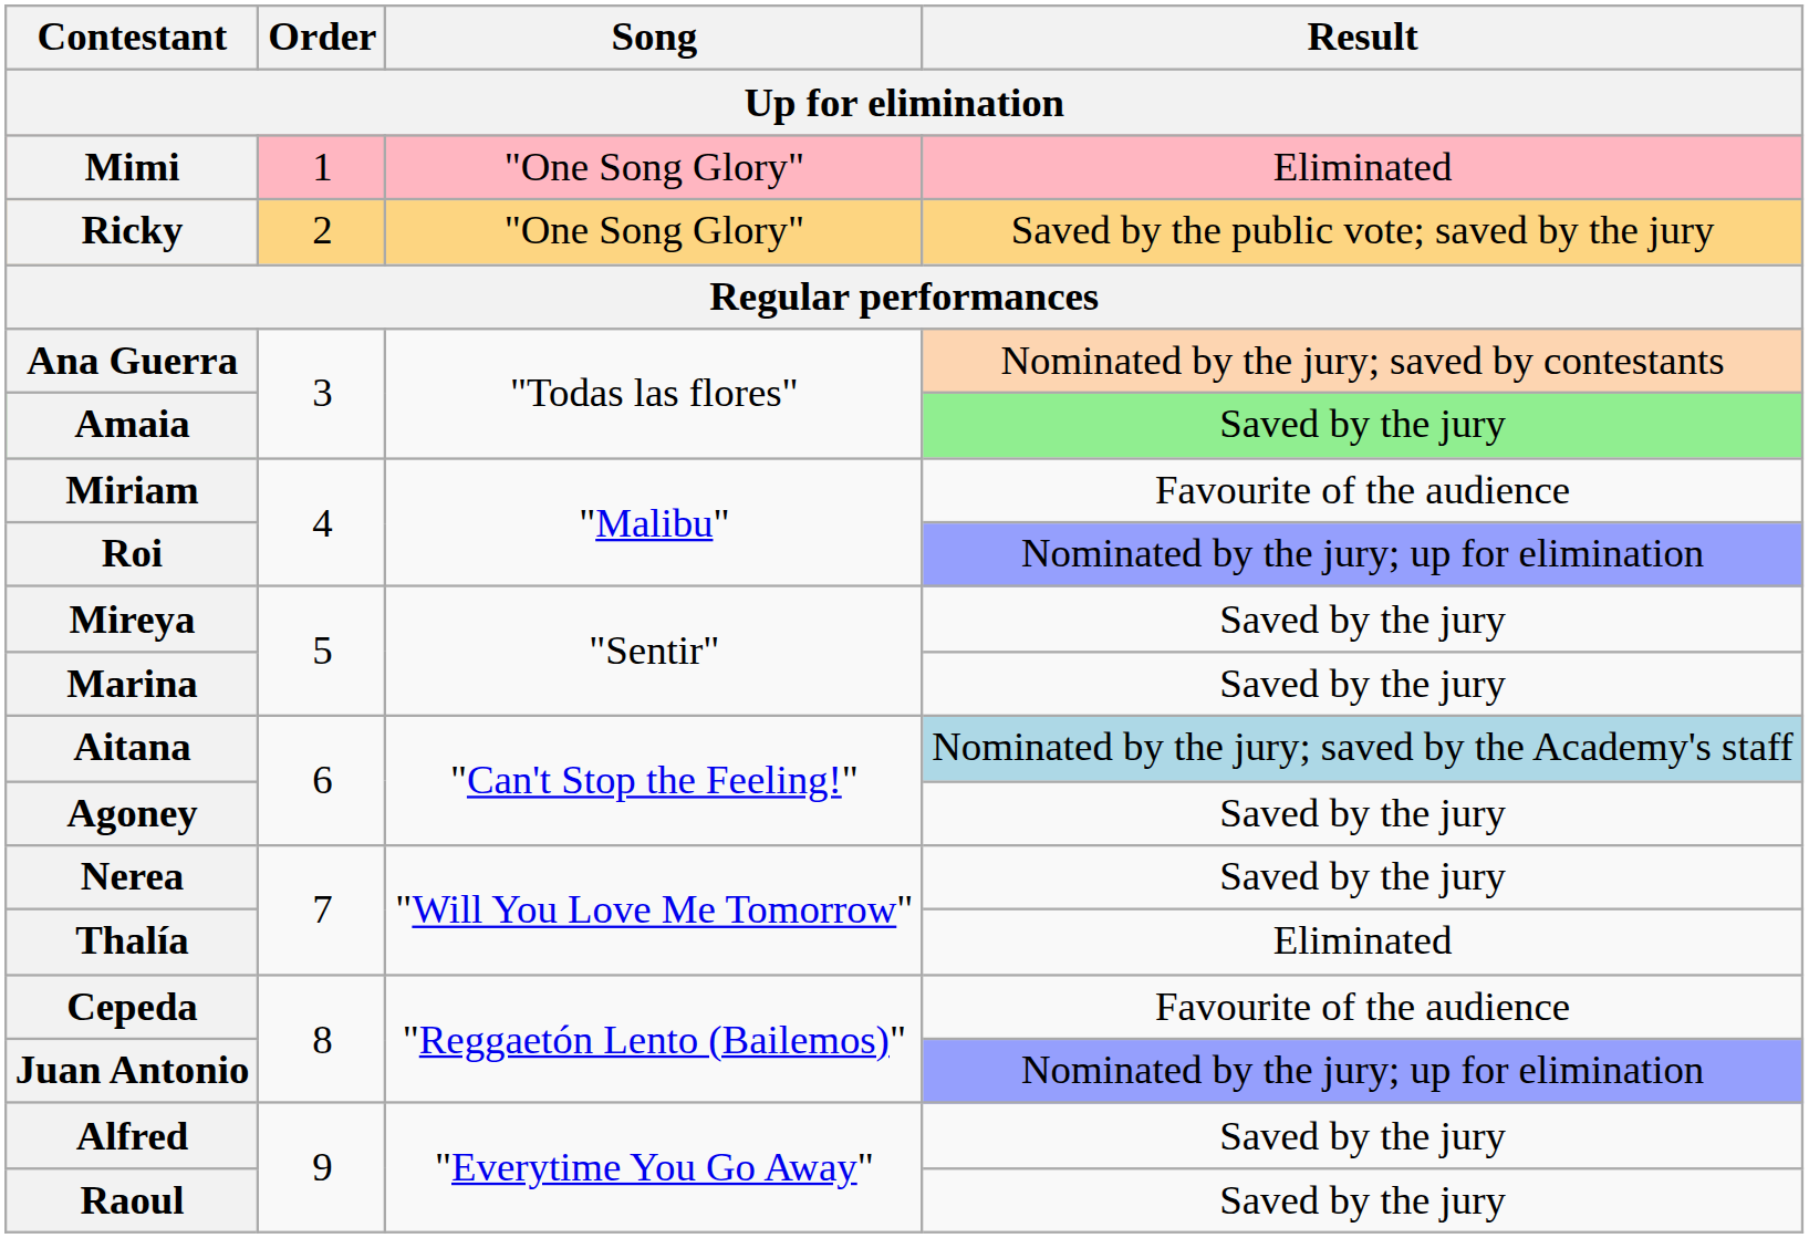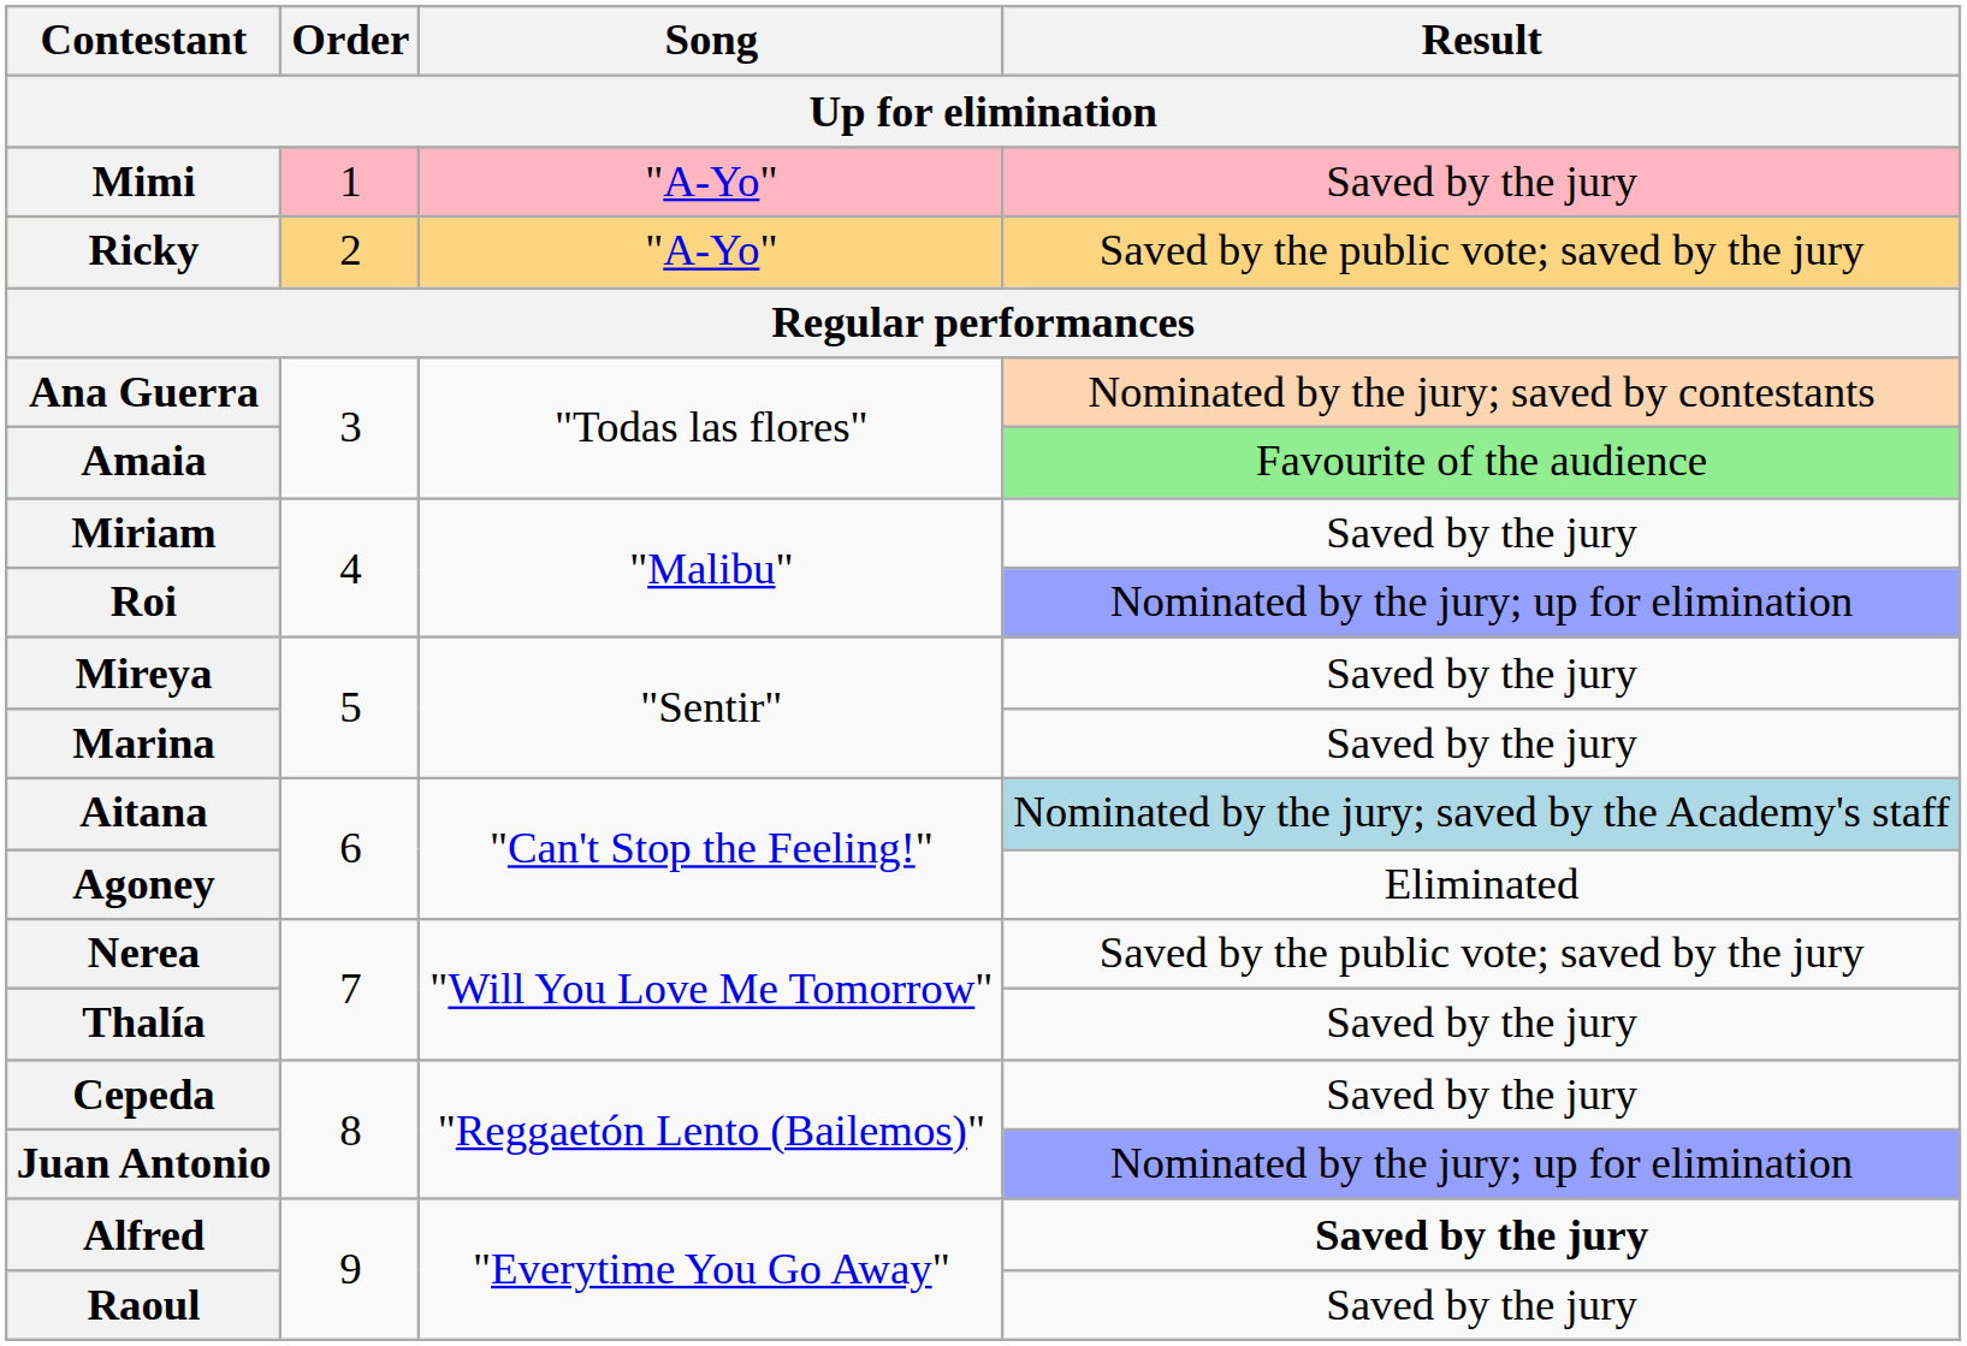 <table class="wikitable plainrowheaders" style="text-align:center;">
 <tr>
 <th scope="col">Contestant</th>
 <th scope="col">Order</th>
 <th scope="col">Song</th>
 <th scope="col">Result</th>
 </tr>
 <tr>
 <th colspan="4">Up for elimination</th>
 </tr>
 <tr style="background:lightpink">
 <th scope="row">Mimi</th>
 <td>1</td>
-<td>"One Song Glory"</td>
-<td>Eliminated</td>
+<td>"<a href='#'>A-Yo</a>"</td>
+<td>Saved by the jury</td>
 </tr>
 <tr style="background:#fdd581;">
 <th scope="row">Ricky</th>
 <td>2</td>
-<td>"One Song Glory"</td>
+<td>"<a href='#'>A-Yo</a>"</td>
 <td>Saved by the public vote; saved by the jury</td>
 </tr>
 <tr>
 <th colspan="4">Regular performances</th>
 </tr>
 <tr>
 <th scope="row">Ana Guerra</th>
 <td rowspan="2">3</td>
 <td rowspan="2">"Todas las flores"</td>
 <td style="background:#fdd5b1;">Nominated by the jury; saved by contestants</td>
 </tr>
 <tr style="background:lightgreen">
 <th scope="row">Amaia</th>
-<td>Saved by the jury</td>
+<td>Favourite of the audience</td>
 </tr>
 <tr>
 <th scope="row">Miriam</th>
 <td rowspan="2">4</td>
 <td rowspan="2">"<a href='#'>Malibu</a>"</td>
-<td>Favourite of the audience</td>
+<td>Saved by the jury</td>
 </tr>
 <tr>
 <th scope="row">Roi</th>
 <td style="background:#959ffd;">Nominated by the jury; up for elimination</td>
 </tr>
 <tr>
 <th scope="row">Mireya</th>
 <td rowspan="2">5</td>
 <td rowspan="2">"Sentir"</td>
 <td>Saved by the jury</td>
 </tr>
 <tr>
 <th scope="row">Marina</th>
 <td>Saved by the jury</td>
 </tr>
 <tr>
 <th scope="row">Aitana</th>
 <td rowspan="2">6</td>
 <td rowspan="2">"<a href='#'>Can't Stop the Feeling!</a>"</td>
 <td style="background:lightblue;">Nominated by the jury; saved by the Academy's staff</td>
 </tr>
 <tr>
 <th scope="row">Agoney</th>
-<td>Saved by the jury</td>
+<td>Eliminated</td>
 </tr>
 <tr>
 <th scope="row">Nerea</th>
 <td rowspan="2">7</td>
 <td rowspan="2">"<a href='#'>Will You Love Me Tomorrow</a>"</td>
-<td>Saved by the jury</td>
+<td>Saved by the public vote; saved by the jury</td>
 </tr>
 <tr>
 <th scope="row">Thalía</th>
-<td>Eliminated</td>
+<td>Saved by the jury</td>
 </tr>
 <tr>
 <th scope="row">Cepeda</th>
 <td rowspan="2">8</td>
 <td rowspan="2">"<a href='#'>Reggaetón Lento (Bailemos)</a>"</td>
-<td>Favourite of the audience</td>
+<td>Saved by the jury</td>
 </tr>
 <tr>
 <th scope="row">Juan Antonio</th>
 <td style="background:#959ffd;">Nominated by the jury; up for elimination</td>
 </tr>
 <tr>
 <th scope="row">Alfred</th>
 <td rowspan="2">9</td>
 <td rowspan="2">"<a href='#'>Everytime You Go Away</a>"</td>
-<td>Saved by the jury</td>
+<td><strong>Saved by the jury</strong></td>
 </tr>
 <tr>
 <th scope="row">Raoul</th>
 <td>Saved by the jury</td>
 </tr>
 </table>
